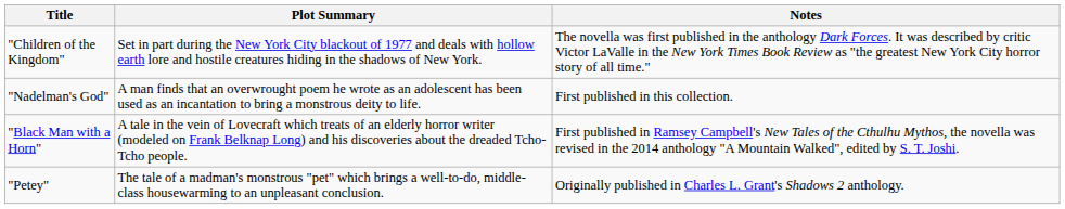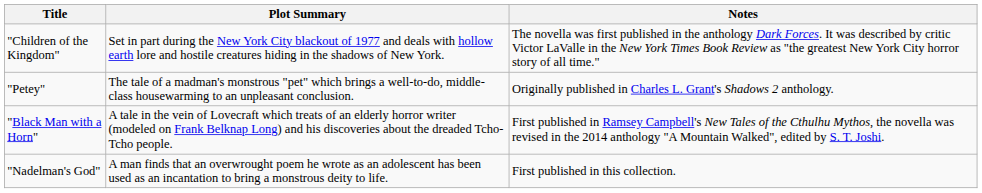 <table class="wikitable">
 <tr>
 <th>Title</th>
 <th>Plot Summary</th>
 <th>Notes</th>
 </tr>
 <tr>
 <td>"Children of the Kingdom"</td>
 <td>Set in part during the <a href='#'>New York City blackout of 1977</a> and deals with <a href='#'>hollow earth</a> lore and hostile creatures hiding in the shadows of New York.</td>
 <td>The novella was first published in the anthology <em><a href='#'>Dark Forces</a></em>. It was described by critic Victor LaValle in the <em>New York Times Book Review</em> as "the greatest New York City horror story of all time."</td>
 </tr>
 <tr>
-<td>"Nadelman's God"</td>
-<td>A man finds that an overwrought poem he wrote as an adolescent has been used as an incantation to bring a monstrous deity to life.</td>
-<td>First published in this collection.</td>
+<td>"Petey"</td>
+<td>The tale of  a madman's monstrous "pet" which brings a well-to-do, middle-class housewarming to an unpleasant conclusion.</td>
+<td>Originally published in <a href='#'>Charles L. Grant</a>'s <em>Shadows 2</em> anthology.</td>
 </tr>
 <tr>
 <td>"<a href='#'>Black Man with a Horn</a>"</td>
 <td>A tale in the vein of Lovecraft which treats of an elderly horror writer (modeled on <a href='#'>Frank Belknap Long</a>) and his discoveries about the dreaded Tcho-Tcho people.</td>
 <td>First published in <a href='#'>Ramsey Campbell</a>'s <em>New Tales of the Cthulhu Mythos</em>, the novella was revised in the 2014 anthology "A Mountain Walked", edited by <a href='#'>S. T. Joshi</a>.</td>
 </tr>
 <tr>
-<td>"Petey"</td>
-<td>The tale of  a madman's monstrous "pet" which brings a well-to-do, middle-class housewarming to an unpleasant conclusion.</td>
-<td>Originally published in <a href='#'>Charles L. Grant</a>'s <em>Shadows 2</em> anthology.</td>
+<td>"Nadelman's God"</td>
+<td>A man finds that an overwrought poem he wrote as an adolescent has been used as an incantation to bring a monstrous deity to life.</td>
+<td>First published in this collection.</td>
 </tr>
 </table>
